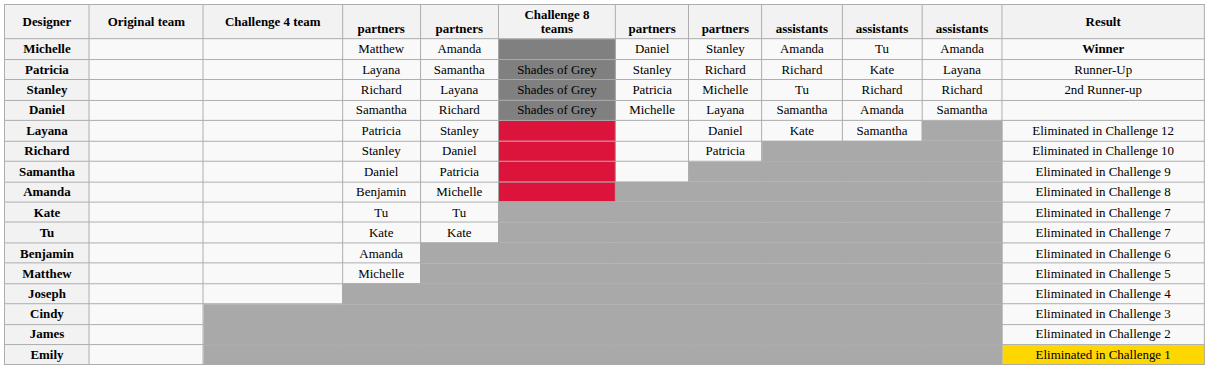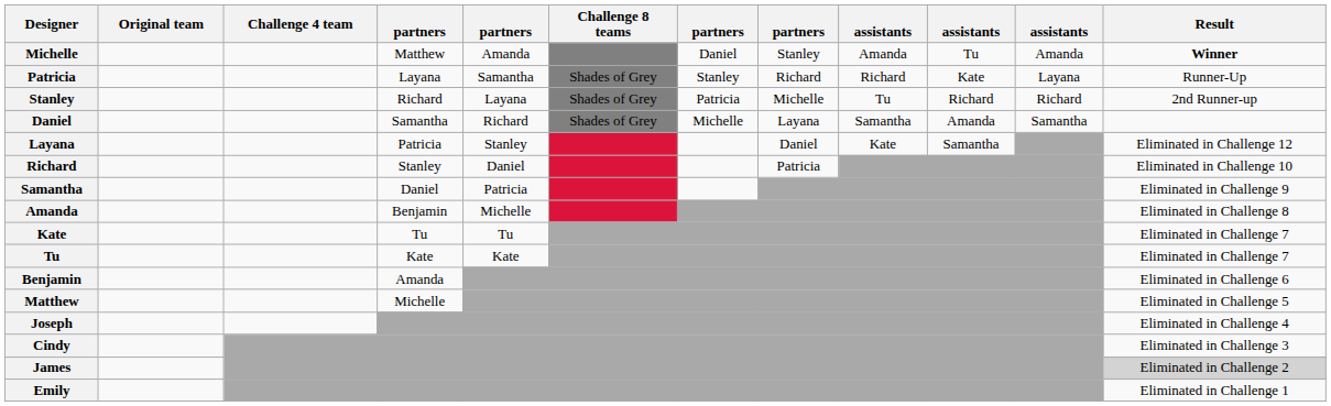 <table class="wikitable" style="text-align:center; width:100%; font-size:85%; line-height:15px;">
 <tr>
 <th bgcolor="gray"><span>Designer</span></th>
 <th bgcolor="gray"><span>Original team</span></th>
 <th bgcolor="gray"><span>Challenge 4 team</span></th>
 <th bgcolor="gray"><span><br>partners</span></th>
 <th bgcolor="gray"><span><br>partners</span></th>
 <th bgcolor="gray"><span>Challenge 8<br>teams</span></th>
 <th bgcolor="gray"><span><br>partners</span></th>
 <th bgcolor="gray"><span><br>partners</span></th>
 <th bgcolor="gray"><span><br>assistants</span></th>
 <th bgcolor="gray"><span><br>assistants</span></th>
 <th bgcolor="gray"><span><br>assistants</span></th>
 <th bgcolor="gray"><span>Result</span></th>
 </tr>
 <tr>
 <th align="left">Michelle</th>
 <td></td>
 <td></td>
 <td>Matthew</td>
 <td>Amanda</td>
 <td bgcolor="grey"></td>
 <td>Daniel</td>
 <td>Stanley</td>
 <td>Amanda</td>
 <td>Tu</td>
 <td>Amanda</td>
 <td><strong>Winner</strong></td>
 </tr>
 <tr>
 <th align="left">Patricia</th>
 <td></td>
 <td></td>
 <td>Layana</td>
 <td>Samantha</td>
 <td bgcolor="grey">Shades of Grey</td>
 <td>Stanley</td>
 <td>Richard</td>
 <td>Richard</td>
 <td>Kate</td>
 <td>Layana</td>
 <td>Runner-Up</td>
 </tr>
 <tr>
 <th align="left">Stanley</th>
 <td></td>
 <td></td>
 <td>Richard</td>
 <td>Layana</td>
 <td bgcolor="grey">Shades of Grey</td>
 <td>Patricia</td>
 <td>Michelle</td>
 <td>Tu</td>
 <td>Richard</td>
 <td>Richard</td>
 <td>2nd Runner-up</td>
 </tr>
 <tr>
 <th align="left">Daniel</th>
 <td></td>
 <td></td>
 <td>Samantha</td>
 <td>Richard</td>
 <td bgcolor="grey">Shades of Grey</td>
 <td>Michelle</td>
 <td>Layana</td>
 <td>Samantha</td>
 <td>Amanda</td>
 <td>Samantha</td>
 <td></td>
 </tr>
 <tr>
 <th align="left">Layana</th>
 <td></td>
 <td></td>
 <td>Patricia</td>
 <td>Stanley</td>
 <td bgcolor="crimson"></td>
 <td></td>
 <td>Daniel</td>
 <td>Kate</td>
 <td>Samantha</td>
 <td bgcolor="darkgray" colspan="1"></td>
 <td>Eliminated in Challenge 12</td>
 </tr>
 <tr>
 <th align="left">Richard</th>
 <td></td>
 <td></td>
 <td>Stanley</td>
 <td>Daniel</td>
 <td bgcolor="crimson"></td>
 <td></td>
 <td>Patricia</td>
 <td bgcolor="darkgray" colspan="3"></td>
 <td>Eliminated in Challenge 10</td>
 </tr>
 <tr>
 <th align="left">Samantha</th>
 <td></td>
 <td></td>
 <td>Daniel</td>
 <td>Patricia</td>
 <td bgcolor="crimson"></td>
 <td></td>
 <td bgcolor="darkgray" colspan="4"></td>
 <td>Eliminated in Challenge 9</td>
 </tr>
 <tr>
 <th align="left">Amanda</th>
 <td></td>
 <td></td>
 <td>Benjamin</td>
 <td>Michelle</td>
 <td bgcolor="crimson"></td>
 <td bgcolor="darkgray" colspan="5"></td>
 <td>Eliminated in Challenge 8</td>
 </tr>
 <tr>
 <th align="left">Kate</th>
 <td></td>
 <td></td>
 <td>Tu</td>
 <td>Tu</td>
 <td bgcolor="darkgray" colspan="6"></td>
 <td>Eliminated in Challenge 7</td>
 </tr>
 <tr>
 <th align="left">Tu</th>
 <td></td>
 <td></td>
 <td>Kate</td>
 <td>Kate</td>
 <td bgcolor="darkgray" colspan="6"></td>
 <td>Eliminated in Challenge 7</td>
 </tr>
 <tr>
 <th align="left">Benjamin</th>
 <td></td>
 <td></td>
 <td>Amanda</td>
 <td bgcolor="darkgray" colspan="7"></td>
 <td>Eliminated in Challenge 6</td>
 </tr>
 <tr>
 <th align="left">Matthew</th>
 <td></td>
 <td></td>
 <td>Michelle</td>
 <td bgcolor="darkgray" colspan="7"></td>
 <td>Eliminated in Challenge 5</td>
 </tr>
 <tr>
 <th align="left">Joseph</th>
 <td></td>
 <td></td>
 <td bgcolor="darkgray" colspan="8"></td>
 <td>Eliminated in Challenge 4</td>
 </tr>
 <tr>
 <th align="left">Cindy</th>
 <td></td>
 <td bgcolor="darkgray" colspan="9"></td>
 <td>Eliminated in Challenge 3</td>
 </tr>
 <tr>
 <th align="left">James</th>
 <td></td>
 <td bgcolor="darkgray" colspan="9"></td>
-<td>Eliminated in Challenge 2</td>
+<td style="background: lightgrey;">Eliminated in Challenge 2</td>
 </tr>
 <tr>
 <th align="left">Emily</th>
 <td></td>
 <td bgcolor="darkgray" colspan="9"></td>
-<td style="background: gold;">Eliminated in Challenge 1</td>
+<td>Eliminated in Challenge 1</td>
 </tr>
 </table>
